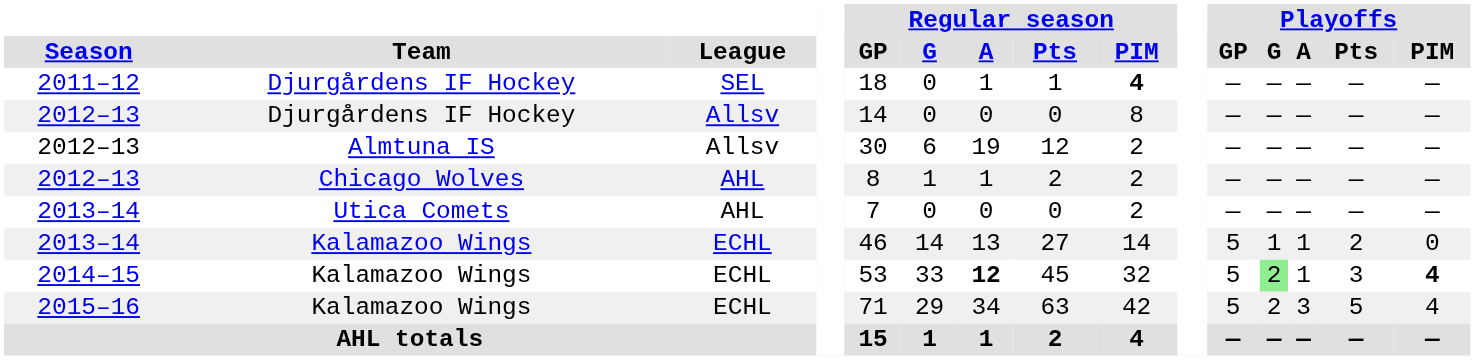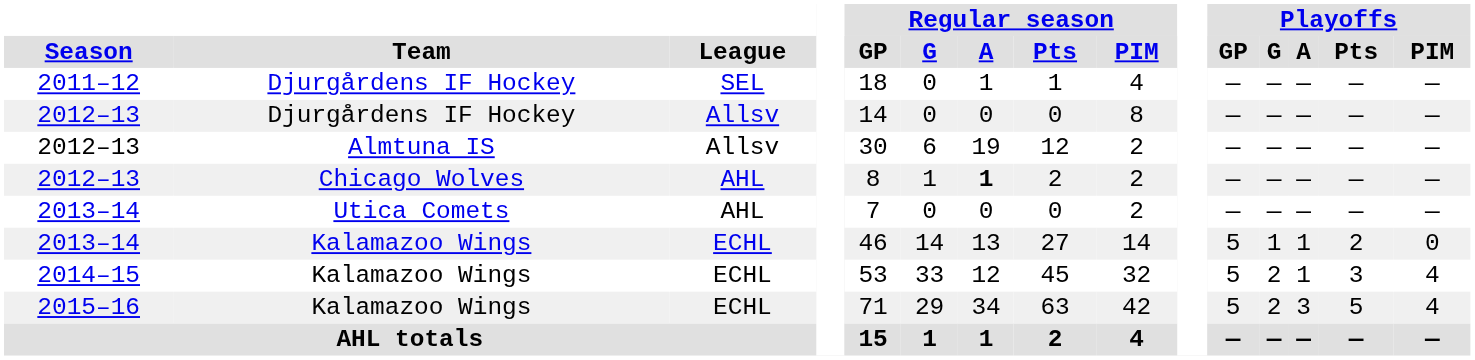 <table border="0" cellpadding="1" cellspacing="0" style="text-align:center; width:60em;">
 <tr style="background:#e0e0e0;">
 <th colspan="3"  bgcolor="#ffffff"> </th>
 <th rowspan="99" bgcolor="#ffffff"> </th>
 <th colspan="5"><a href='#'>Regular season</a></th>
 <th rowspan="99" bgcolor="#ffffff"> </th>
 <th colspan="5"><a href='#'>Playoffs</a></th>
 </tr>
 <tr style="background:#e0e0e0;">
 <th><a href='#'>Season</a></th>
 <th>Team</th>
 <th>League</th>
 <th>GP</th>
 <th><a href='#'>G</a></th>
 <th><a href='#'>A</a></th>
 <th><a href='#'>Pts</a></th>
 <th><a href='#'>PIM</a></th>
 <th>GP</th>
 <th>G</th>
 <th>A</th>
 <th>Pts</th>
 <th>PIM</th>
 </tr>
 <tr>
 <td><a href='#'>2011–12</a></td>
 <td><a href='#'>Djurgårdens IF Hockey</a></td>
 <td><a href='#'>SEL</a></td>
 <td>18</td>
 <td>0</td>
 <td>1</td>
 <td>1</td>
-<td><strong>4</strong></td>
+<td>4</td>
 <td>—</td>
 <td>—</td>
 <td>—</td>
 <td>—</td>
 <td>—</td>
 </tr>
 <tr bgcolor="#f0f0f0">
 <td><a href='#'>2012–13</a></td>
 <td>Djurgårdens IF Hockey</td>
 <td><a href='#'>Allsv</a></td>
 <td>14</td>
 <td>0</td>
 <td>0</td>
 <td>0</td>
 <td>8</td>
 <td>—</td>
 <td>—</td>
 <td>—</td>
 <td>—</td>
 <td>—</td>
 </tr>
 <tr>
 <td>2012–13</td>
 <td><a href='#'>Almtuna IS</a></td>
 <td>Allsv</td>
 <td>30</td>
 <td>6</td>
 <td>19</td>
 <td>12</td>
 <td>2</td>
 <td>—</td>
 <td>—</td>
 <td>—</td>
 <td>—</td>
 <td>—</td>
 </tr>
 <tr bgcolor="#f0f0f0">
 <td><a href='#'>2012–13</a></td>
 <td><a href='#'>Chicago Wolves</a></td>
 <td><a href='#'>AHL</a></td>
 <td>8</td>
 <td>1</td>
-<td>1</td>
+<td><strong>1</strong></td>
 <td>2</td>
 <td>2</td>
 <td>—</td>
 <td>—</td>
 <td>—</td>
 <td>—</td>
 <td>—</td>
 </tr>
 <tr>
 <td><a href='#'>2013–14</a></td>
 <td><a href='#'>Utica Comets</a></td>
 <td>AHL</td>
 <td>7</td>
 <td>0</td>
 <td>0</td>
 <td>0</td>
 <td>2</td>
 <td>—</td>
 <td>—</td>
 <td>—</td>
 <td>—</td>
 <td>—</td>
 </tr>
 <tr bgcolor="#f0f0f0">
 <td><a href='#'>2013–14</a></td>
 <td><a href='#'>Kalamazoo Wings</a></td>
 <td><a href='#'>ECHL</a></td>
 <td>46</td>
 <td>14</td>
 <td>13</td>
 <td>27</td>
 <td>14</td>
 <td>5</td>
 <td>1</td>
 <td>1</td>
 <td>2</td>
 <td>0</td>
 </tr>
 <tr>
 <td><a href='#'>2014–15</a></td>
 <td>Kalamazoo Wings</td>
 <td>ECHL</td>
 <td>53</td>
 <td>33</td>
-<td><strong>12</strong></td>
+<td>12</td>
 <td>45</td>
 <td>32</td>
 <td>5</td>
-<td style="background: lightgreen;">2</td>
+<td>2</td>
 <td>1</td>
 <td>3</td>
-<td><strong>4</strong></td>
+<td>4</td>
 </tr>
 <tr bgcolor="#f0f0f0">
 <td><a href='#'>2015–16</a></td>
 <td>Kalamazoo Wings</td>
 <td>ECHL</td>
 <td>71</td>
 <td>29</td>
 <td>34</td>
 <td>63</td>
 <td>42</td>
 <td>5</td>
 <td>2</td>
 <td>3</td>
 <td>5</td>
 <td>4</td>
 </tr>
 <tr bgcolor="#e0e0e0">
 <th colspan="3">AHL totals</th>
 <th>15</th>
 <th>1</th>
 <th>1</th>
 <th>2</th>
 <th>4</th>
 <th>—</th>
 <th>—</th>
 <th>—</th>
 <th>—</th>
 <th>—</th>
 </tr>
 </table>
